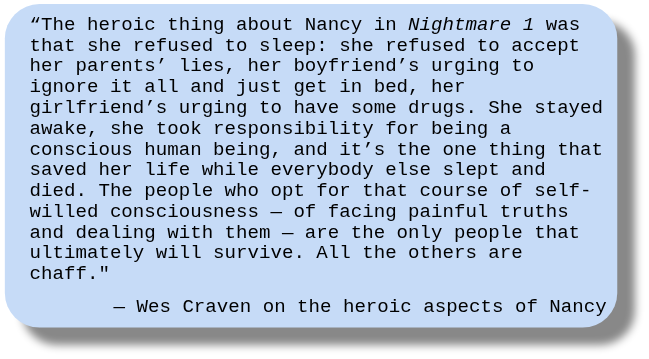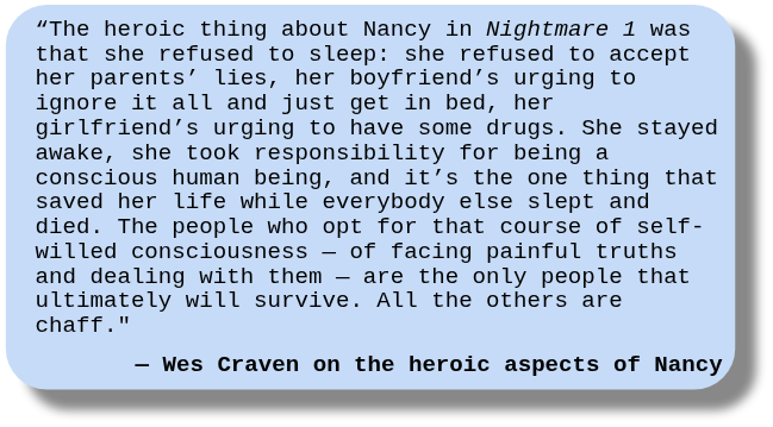 <table class="toccolours" style="float: right; margin-left: 1em; margin-right: 2em; margin-bottom: 8em; font-size: 85%; background:#c6dbf7; color:black; width:32em; max-width:40%; padding-left: 8px; border-radius: 20px; box-shadow: 10px 10px 5px #888888;" cellspacing="5">
 <tr>
 <td align="left">“The heroic thing about Nancy in <em>Nightmare 1</em> was that she refused to sleep: she refused to accept her parents’ lies, her boyfriend’s urging to ignore it all and just get in bed, her girlfriend’s urging to have some drugs. She stayed awake, she took responsibility for being a conscious human being, and it’s the one thing that saved her life while everybody else slept and died. The people who opt for that course of self-willed consciousness — of facing painful truths and dealing with them — are the only people that ultimately will survive. All the others are chaff."</td>
 </tr>
 <tr>
-<td align="right"> — Wes Craven on the heroic aspects of Nancy</td>
+<td align="right"><strong> — Wes Craven on the heroic aspects of Nancy</strong></td>
 </tr>
 </table>
